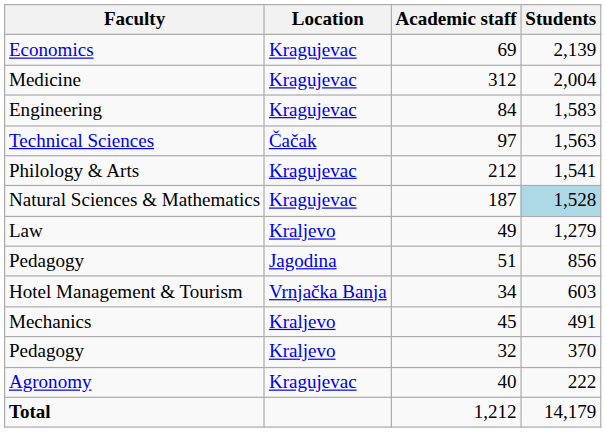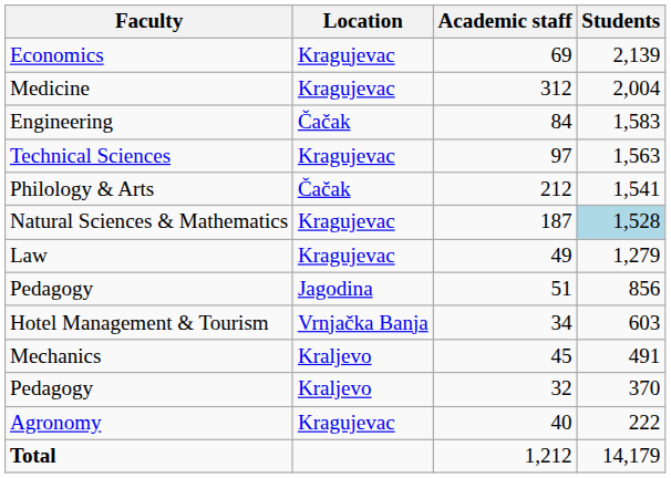 <table class="wikitable sortable">
 <tr>
 <th>Faculty</th>
 <th>Location</th>
 <th>Academic staff</th>
 <th>Students</th>
 </tr>
 <tr>
 <td><a href='#'>Economics</a></td>
 <td><a href='#'>Kragujevac</a></td>
 <td style="text-align:right">69</td>
 <td style="text-align:right">2,139</td>
 </tr>
 <tr>
 <td>Medicine</td>
 <td><a href='#'>Kragujevac</a></td>
 <td style="text-align:right">312</td>
 <td style="text-align:right">2,004</td>
 </tr>
 <tr>
 <td>Engineering</td>
-<td><a href='#'>Kragujevac</a></td>
+<td><a href='#'>Čačak</a></td>
 <td style="text-align:right">84</td>
 <td style="text-align:right">1,583</td>
 </tr>
 <tr>
 <td><a href='#'>Technical Sciences</a></td>
-<td><a href='#'>Čačak</a></td>
+<td><a href='#'>Kragujevac</a></td>
 <td style="text-align:right">97</td>
 <td style="text-align:right">1,563</td>
 </tr>
 <tr>
 <td>Philology & Arts</td>
-<td><a href='#'>Kragujevac</a></td>
+<td><a href='#'>Čačak</a></td>
 <td style="text-align:right">212</td>
 <td style="text-align:right">1,541</td>
 </tr>
 <tr>
 <td>Natural Sciences & Mathematics</td>
 <td><a href='#'>Kragujevac</a></td>
 <td style="text-align:right">187</td>
 <td style="background: lightblue; text-align:right">1,528</td>
 </tr>
 <tr>
 <td>Law</td>
-<td><a href='#'>Kraljevo</a></td>
+<td><a href='#'>Kragujevac</a></td>
 <td style="text-align:right">49</td>
 <td style="text-align:right">1,279</td>
 </tr>
 <tr>
 <td>Pedagogy</td>
 <td><a href='#'>Jagodina</a></td>
 <td style="text-align:right">51</td>
 <td style="text-align:right">856</td>
 </tr>
 <tr>
 <td>Hotel Management & Tourism</td>
 <td><a href='#'>Vrnjačka Banja</a></td>
 <td style="text-align:right">34</td>
 <td style="text-align:right">603</td>
 </tr>
 <tr>
 <td>Mechanics</td>
 <td><a href='#'>Kraljevo</a></td>
 <td style="text-align:right">45</td>
 <td style="text-align:right">491</td>
 </tr>
 <tr>
 <td>Pedagogy</td>
 <td><a href='#'>Kraljevo</a></td>
 <td style="text-align:right">32</td>
 <td style="text-align:right">370</td>
 </tr>
 <tr>
 <td><a href='#'>Agronomy</a></td>
 <td><a href='#'>Kragujevac</a></td>
 <td style="text-align:right">40</td>
 <td style="text-align:right">222</td>
 </tr>
 <tr class="sortbottom">
 <td><strong>Total</strong></td>
 <td></td>
 <td style="text-align:right">1,212</td>
 <td style="text-align:right">14,179</td>
 </tr>
 </table>
